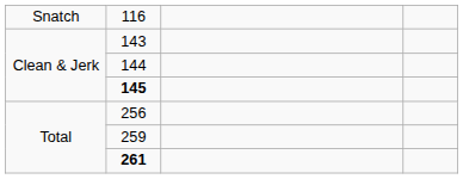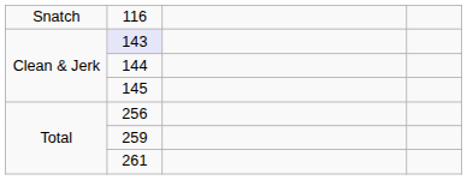 <table class = "wikitable" style="text-align:center;">
 <tr>
 <td width=100>Snatch</td>
 <td width=50>116</td>
 <td width=250 align=left></td>
 <td width=50></td>
 </tr>
 <tr>
 <td rowspan=3>Clean & Jerk</td>
-<td>143</td>
+<td style="background: lavender;">143</td>
 <td align=left></td>
 <td></td>
 </tr>
 <tr>
 <td>144</td>
 <td align=left></td>
 <td></td>
 </tr>
 <tr>
-<td><strong>145</strong></td>
+<td>145</td>
 <td align=left></td>
 <td></td>
 </tr>
 <tr>
 <td rowspan=3>Total</td>
 <td>256</td>
 <td align=left></td>
 <td></td>
 </tr>
 <tr>
 <td>259</td>
 <td align=left></td>
 <td></td>
 </tr>
 <tr>
-<td><strong>261</strong></td>
+<td>261</td>
 <td align=left></td>
 <td></td>
 </tr>
 </table>
